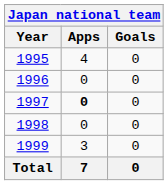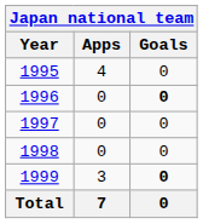 <table class="wikitable" style="text-align:center">
 <tr>
 <th colspan=3><a href='#'>Japan national team</a></th>
 </tr>
 <tr>
 <th>Year</th>
 <th>Apps</th>
 <th>Goals</th>
 </tr>
 <tr>
 <td><a href='#'>1995</a></td>
 <td>4</td>
 <td>0</td>
 </tr>
 <tr>
 <td><a href='#'>1996</a></td>
 <td>0</td>
-<td>0</td>
+<td><strong>0</strong></td>
 </tr>
 <tr>
 <td><a href='#'>1997</a></td>
-<td><strong>0</strong></td>
+<td>0</td>
 <td>0</td>
 </tr>
 <tr>
 <td><a href='#'>1998</a></td>
 <td>0</td>
 <td>0</td>
 </tr>
 <tr>
 <td><a href='#'>1999</a></td>
 <td>3</td>
-<td>0</td>
+<td><strong>0</strong></td>
 </tr>
 <tr>
 <th>Total</th>
 <th>7</th>
 <th>0</th>
 </tr>
 </table>
